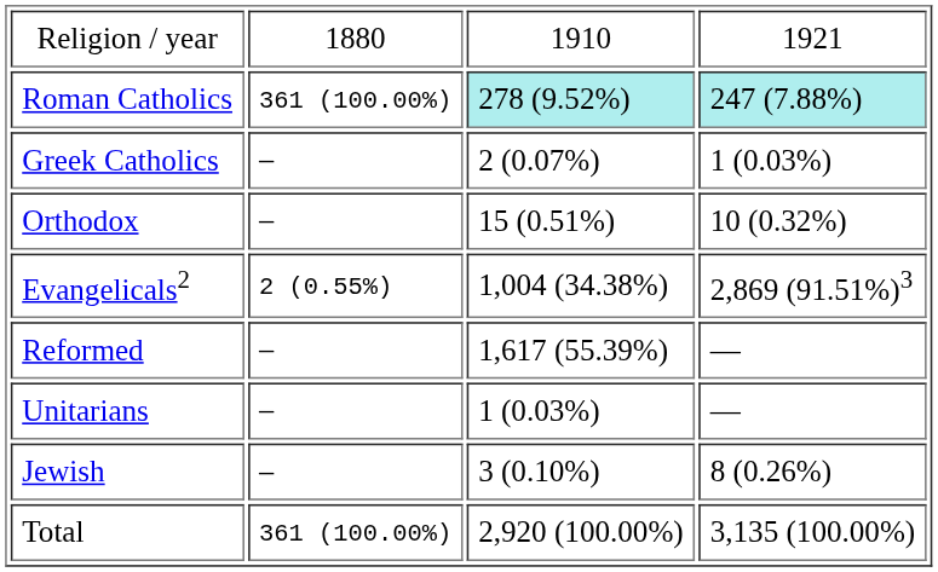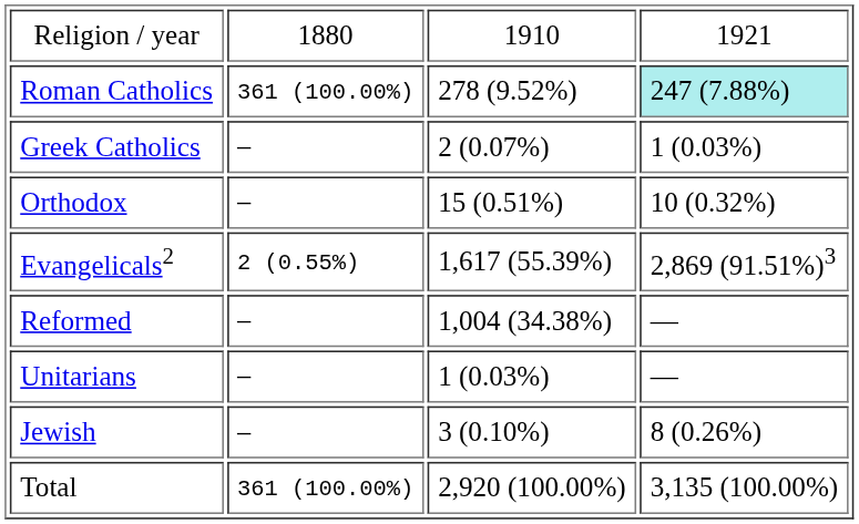 <table style="margin:auto;" border="1" cellpadding="5">
 <tr>
 <td style="text-align: center;">Religion / year</td>
 <td style="text-align: center;">1880</td>
 <td style="text-align: center;">1910</td>
 <td style="text-align: center;">1921</td>
 </tr>
 <tr>
 <td style="text-align: left;"><a href='#'>Roman Catholics</a></td>
 <td style="font-family:Monospace;">361 (100.00%)</td>
-<td style="background: paleturquoise; text-align: left;">278 (9.52%)</td>
+<td style="text-align: left;">278 (9.52%)</td>
 <td style="background: paleturquoise; text-align: left;">247 (7.88%)</td>
 </tr>
 <tr>
 <td style="text-align: left;"><a href='#'>Greek Catholics</a></td>
 <td style="font-family:Monospace;">—</td>
 <td style="text-align: left;">2 (0.07%)</td>
 <td style="text-align: left;">1 (0.03%)</td>
 </tr>
 <tr>
 <td style="text-align: left;"><a href='#'>Orthodox</a></td>
 <td style="font-family:Monospace;">—</td>
 <td style="text-align: left;">15 (0.51%)</td>
 <td style="text-align: left;">10 (0.32%)</td>
 </tr>
 <tr>
 <td style="text-align: left;"><a href='#'>Evangelicals</a><sup>2</sup></td>
 <td style="font-family:Monospace;">2 (0.55%)</td>
-<td style="text-align: left;">1,004 (34.38%)</td>
+<td style="text-align: left;">1,617 (55.39%)</td>
 <td style="text-align: left;">2,869 (91.51%)<sup>3</sup></td>
 </tr>
 <tr>
 <td style="text-align: left;"><a href='#'>Reformed</a></td>
 <td style="font-family:Monospace;">—</td>
-<td style="text-align: left;">1,617 (55.39%)</td>
+<td style="text-align: left;">1,004 (34.38%)</td>
 <td style="text-align: left;">—</td>
 </tr>
 <tr>
 <td style="text-align: left;"><a href='#'>Unitarians</a></td>
 <td style="font-family:Monospace;">—</td>
 <td style="text-align: left;">1 (0.03%)</td>
 <td style="text-align: left;">—</td>
 </tr>
 <tr>
 <td style="text-align: left;"><a href='#'>Jewish</a></td>
 <td style="font-family:Monospace;">—</td>
 <td style="text-align: left;">3 (0.10%)</td>
 <td style="text-align: left;">8 (0.26%)</td>
 </tr>
 <tr>
 <td style="text-align: left;">Total</td>
 <td style="font-family:Monospace;">361 (100.00%)</td>
 <td style="text-align: left;">2,920 (100.00%)</td>
 <td style="text-align: left;">3,135 (100.00%)</td>
 </tr>
 </table>
